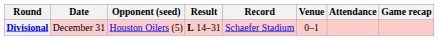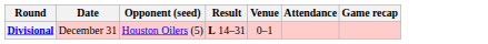 <table class="wikitable" style="text-align:center">
 <tr>
 <th>Round</th>
 <th>Date</th>
 <th>Opponent (seed)</th>
 <th>Result</th>
-<th>Record</th>
 <th>Venue</th>
 <th>Attendance</th>
 <th>Game recap</th>
 </tr>
 <tr style="background:#fcc">
 <th><a href='#'>Divisional</a></th>
 <td>December 31</td>
 <td><a href='#'>Houston Oilers</a> (5)</td>
 <td><strong>L</strong> 14–31</td>
-<td><a href='#'>Schaefer Stadium</a></td>
 <td>0–1</td>
 <td></td>
 <td></td>
 </tr>
 </table>
